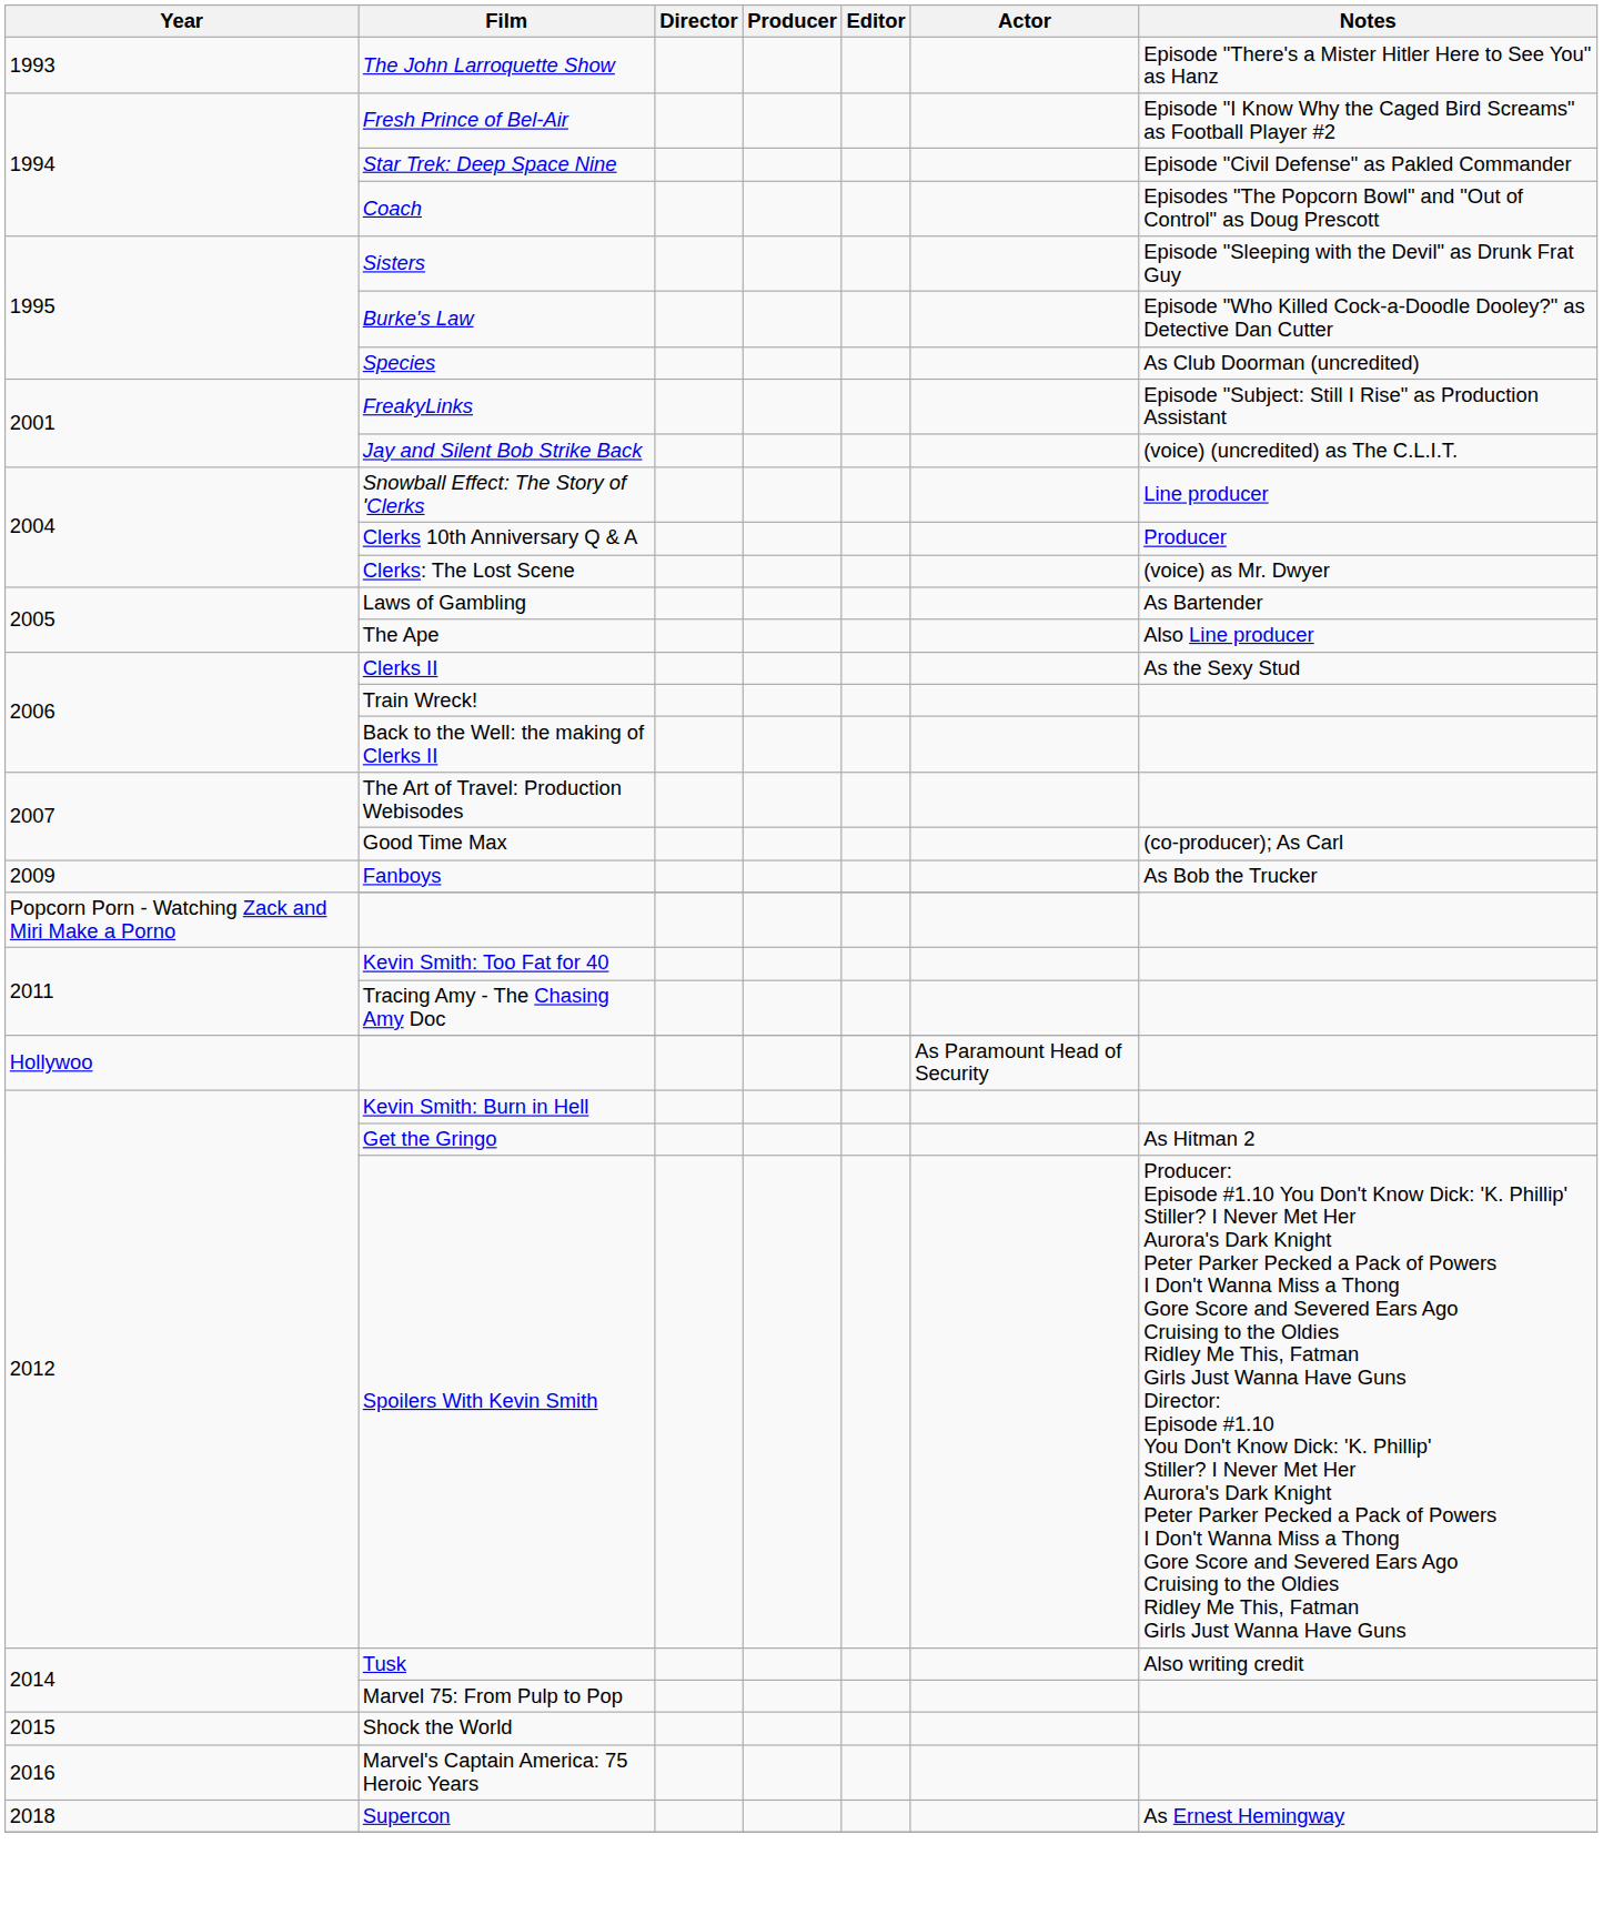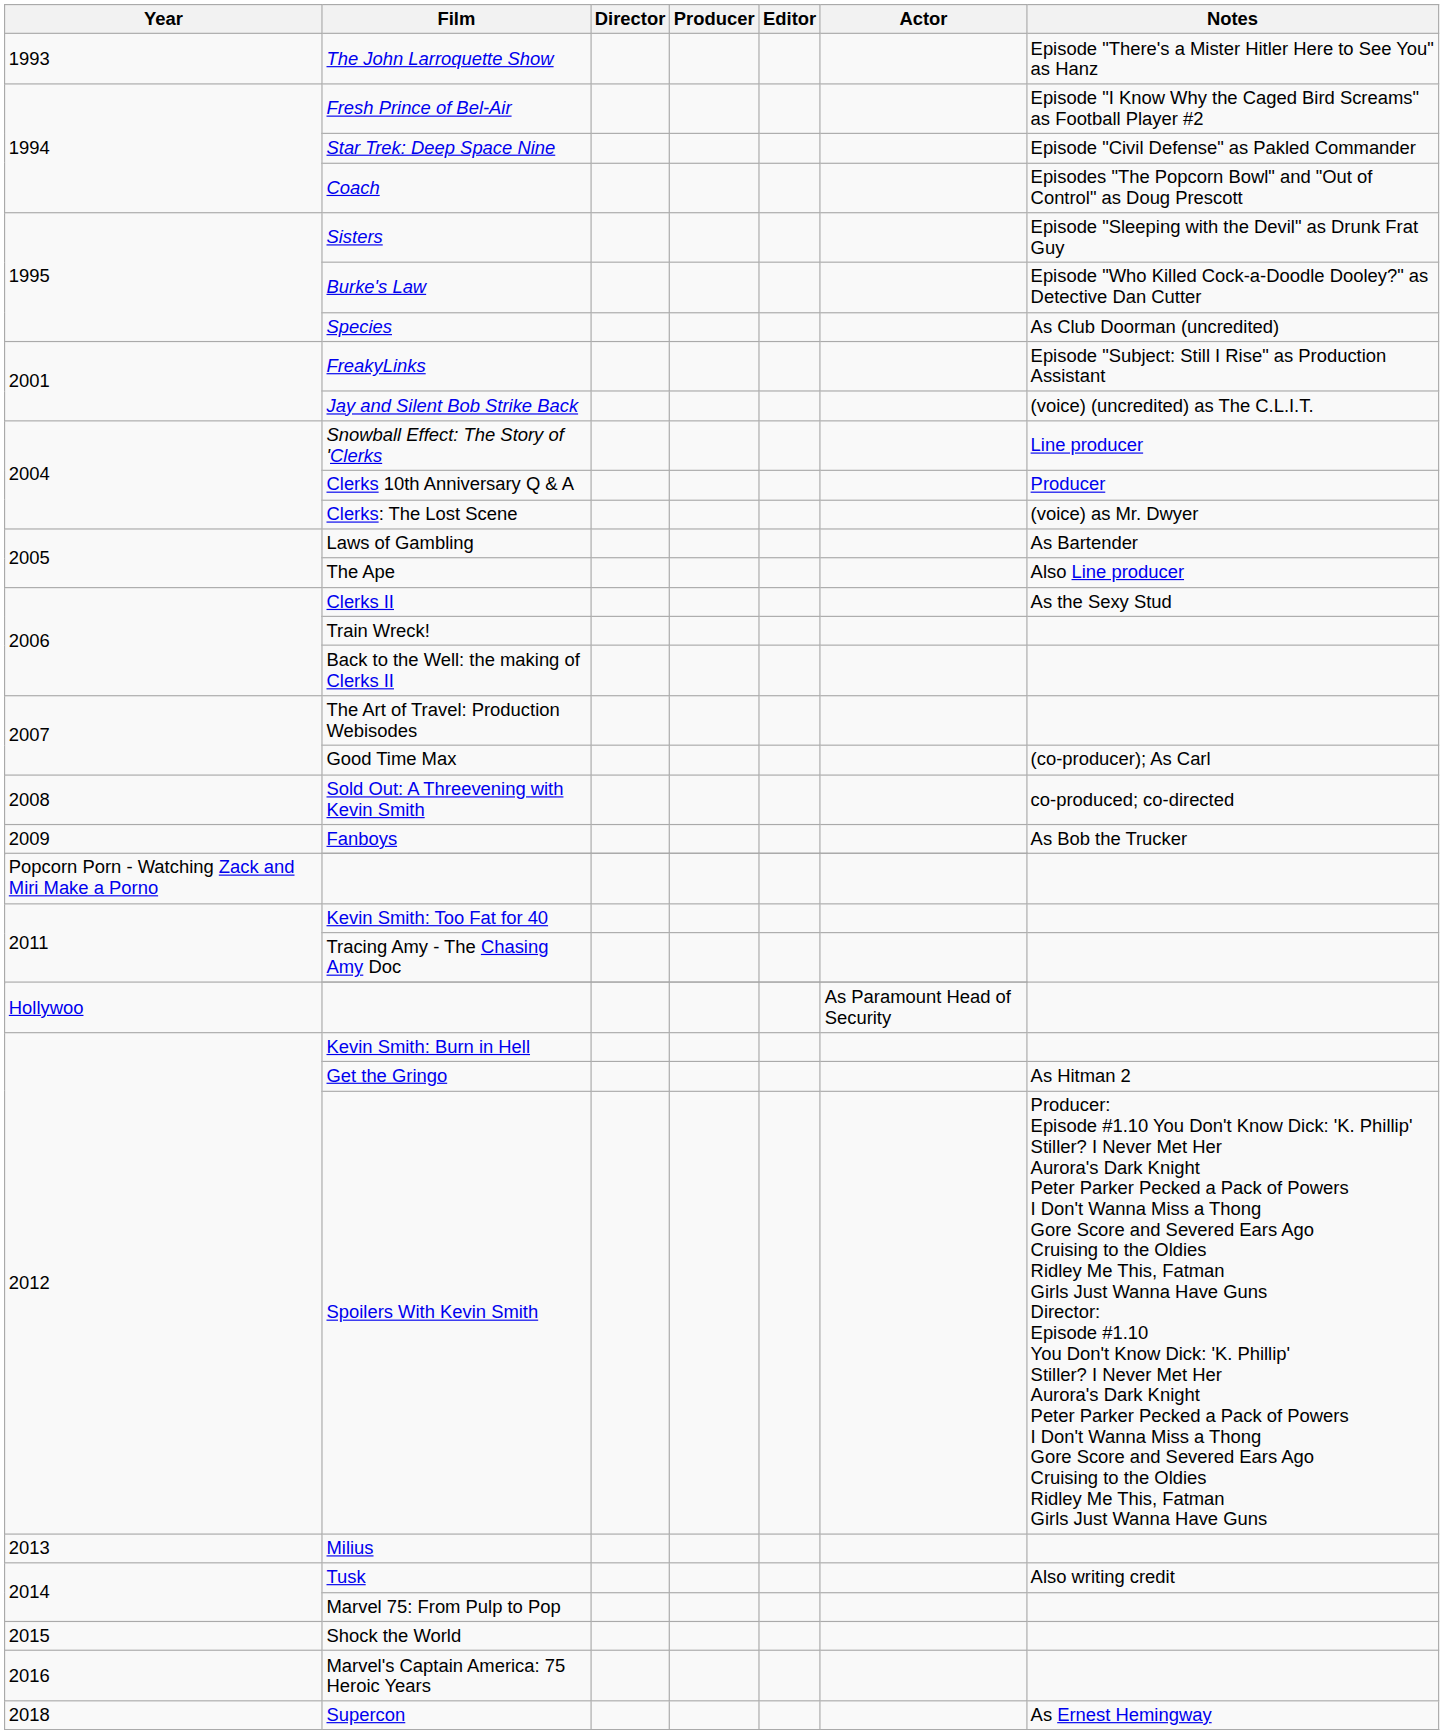 <table class="wikitable">
 <tr>
 <th>Year</th>
 <th>Film</th>
 <th>Director</th>
 <th>Producer</th>
 <th>Editor</th>
 <th>Actor</th>
 <th>Notes</th>
 </tr>
 <tr>
 <td>1993</td>
 <td><em><a href='#'>The John Larroquette Show</a></em></td>
 <td></td>
 <td></td>
 <td></td>
 <td></td>
 <td>Episode "There's a Mister Hitler Here to See You" as Hanz</td>
 </tr>
 <tr>
 <td rowspan=3>1994</td>
 <td><em><a href='#'>Fresh Prince of Bel-Air</a></em></td>
 <td></td>
 <td></td>
 <td></td>
 <td></td>
 <td>Episode "I Know Why the Caged Bird Screams" as Football Player #2</td>
 </tr>
 <tr>
 <td><em><a href='#'>Star Trek: Deep Space Nine</a></em></td>
 <td></td>
 <td></td>
 <td></td>
 <td></td>
 <td>Episode "Civil Defense" as Pakled Commander</td>
 </tr>
 <tr>
 <td><em><a href='#'>Coach</a></em></td>
 <td></td>
 <td></td>
 <td></td>
 <td></td>
 <td>Episodes "The Popcorn Bowl" and "Out of Control" as Doug Prescott</td>
 </tr>
 <tr>
 <td rowspan=3>1995</td>
 <td><em><a href='#'>Sisters</a></em></td>
 <td></td>
 <td></td>
 <td></td>
 <td></td>
 <td>Episode "Sleeping with the Devil" as Drunk Frat Guy</td>
 </tr>
 <tr>
 <td><em><a href='#'>Burke's Law</a></em></td>
 <td></td>
 <td></td>
 <td></td>
 <td></td>
 <td>Episode "Who Killed Cock-a-Doodle Dooley?" as Detective Dan Cutter</td>
 </tr>
 <tr>
 <td><em><a href='#'>Species</a></em></td>
 <td></td>
 <td></td>
 <td></td>
 <td></td>
 <td>As Club Doorman (uncredited)</td>
 </tr>
 <tr>
 <td rowspan=2>2001</td>
 <td><em><a href='#'>FreakyLinks</a></em></td>
 <td></td>
 <td></td>
 <td></td>
 <td></td>
 <td>Episode "Subject: Still I Rise" as Production Assistant</td>
 </tr>
 <tr>
 <td><em><a href='#'>Jay and Silent Bob Strike Back</a></em></td>
 <td></td>
 <td></td>
 <td></td>
 <td></td>
 <td>(voice) (uncredited) as The C.L.I.T.</td>
 </tr>
 <tr>
 <td rowspan=3>2004</td>
 <td><em>Snowball Effect: The Story of '<a href='#'>Clerks</a><strong></td>
 <td></td>
 <td></td>
 <td></td>
 <td></td>
 <td><a href='#'>Line producer</a></td>
 </tr>
 <tr>
 <td></em><a href='#'>Clerks</a> 10th Anniversary Q & A<em></td>
 <td></td>
 <td></td>
 <td></td>
 <td></td>
 <td><a href='#'>Producer</a></td>
 </tr>
 <tr>
 <td></em><a href='#'>Clerks</a>: The Lost Scene<em></td>
 <td></td>
 <td></td>
 <td></td>
 <td></td>
 <td>(voice) as Mr. Dwyer</td>
 </tr>
 <tr>
 <td rowspan=2>2005</td>
 <td></em>Laws of Gambling<em></td>
 <td></td>
 <td></td>
 <td></td>
 <td></td>
 <td>As Bartender</td>
 </tr>
 <tr>
 <td></em>The Ape<em></td>
 <td></td>
 <td></td>
 <td></td>
 <td></td>
 <td>Also <a href='#'>Line producer</a></td>
 </tr>
 <tr>
 <td rowspan=3>2006</td>
 <td></em><a href='#'>Clerks II</a><em></td>
 <td></td>
 <td></td>
 <td></td>
 <td></td>
 <td>As the Sexy Stud</td>
 </tr>
 <tr>
 <td></em>Train Wreck!<em></td>
 <td></td>
 <td></td>
 <td></td>
 <td></td>
 <td></td>
 </tr>
 <tr>
 <td></em>Back to the Well: the making of <a href='#'>Clerks II</a><em></td>
 <td></td>
 <td></td>
 <td></td>
 <td></td>
 <td></td>
 </tr>
 <tr>
 <td rowspan=2>2007</td>
 <td></em>The Art of Travel: Production Webisodes<em></td>
 <td></td>
 <td></td>
 <td></td>
 <td></td>
 <td></td>
 </tr>
 <tr>
 <td></em>Good Time Max<em></td>
 <td></td>
 <td></td>
 <td></td>
 <td></td>
 <td>(co-producer); As Carl</td>
 </tr>
 <tr>
+<td>2008</td>
+<td></em><a href='#'>Sold Out: A Threevening with Kevin Smith</a><em></td>
+<td></td>
+<td></td>
+<td></td>
+<td></td>
+<td>co-produced; co-directed</td>
+</tr>
+<tr>
 <td rowspan=2>2009</td>
 <td></em><a href='#'>Fanboys</a><em></td>
 <td></td>
 <td></td>
 <td></td>
 <td></td>
 <td>As Bob the Trucker</td>
 </tr>
 <tr>
 </tr>
 <tr>
 <td></em>Popcorn Porn - Watching <a href='#'>Zack and Miri Make a Porno</a><em></td>
 <td></td>
 <td></td>
 <td></td>
 <td></td>
 <td></td>
 </tr>
 <tr>
 <td rowspan=3>2011</td>
 <td></em><a href='#'>Kevin Smith: Too Fat for 40</a><em></td>
 <td></td>
 <td></td>
 <td></td>
 <td></td>
 <td></td>
 </tr>
 <tr>
 <td></em>Tracing Amy - The <a href='#'>Chasing Amy</a> Doc<em></td>
 <td></td>
 <td></td>
 <td></td>
 <td></td>
 <td></td>
 </tr>
 <tr>
 </tr>
 <tr>
 <td></em><a href='#'>Hollywoo</a><em></td>
 <td></td>
 <td></td>
 <td></td>
 <td></td>
 <td>As Paramount Head of Security</td>
 </tr>
 <tr>
 <td rowspan=3>2012</td>
 <td></em><a href='#'>Kevin Smith: Burn in Hell</a><em></td>
 <td></td>
 <td></td>
 <td></td>
 <td></td>
 <td></td>
 </tr>
 <tr>
 <td></em><a href='#'>Get the Gringo</a><em></td>
 <td></td>
 <td></td>
 <td></td>
 <td></td>
 <td>As Hitman 2</td>
 </tr>
 <tr>
 <td></em><a href='#'>Spoilers With Kevin Smith</a><em></td>
 <td></td>
 <td></td>
 <td></td>
 <td></td>
 <td>Producer:<br>Episode #1.10 You Don't Know Dick: 'K. Phillip' <br> Stiller? I Never Met Her <br> Aurora's Dark Knight<br>  Peter Parker Pecked a Pack of Powers <br> I Don't Wanna Miss a Thong<br> Gore Score and Severed Ears Ago <br> Cruising to the Oldies<br>  Ridley Me This, Fatman <br> Girls Just Wanna Have Guns<br>Director:<br>Episode #1.10<br> You Don't Know Dick: 'K. Phillip' <br> Stiller? I Never Met Her <br> Aurora's Dark Knight<br>  Peter Parker Pecked a Pack of Powers <br> I Don't Wanna Miss a Thong<br> Gore Score and Severed Ears Ago <br> Cruising to the Oldies<br>  Ridley Me This, Fatman <br> Girls Just Wanna Have Guns</td>
 </tr>
 <tr>
+<td rowspan=1>2013</td>
+<td></em><a href='#'>Milius</a><em></td>
+<td></td>
+<td></td>
+<td></td>
+<td></td>
+<td></td>
+</tr>
+<tr>
 <td rowspan=2>2014</td>
 <td></em><a href='#'>Tusk</a><em></td>
 <td></td>
 <td></td>
 <td></td>
 <td></td>
 <td>Also writing credit</td>
 </tr>
 <tr>
 <td></em>Marvel 75: From Pulp to Pop<em></td>
 <td></td>
 <td></td>
 <td></td>
 <td></td>
 <td></td>
 </tr>
 <tr>
 <td rowspan=1>2015</td>
 <td></em>Shock the World<em></td>
 <td></td>
 <td></td>
 <td></td>
 <td></td>
 <td></td>
 </tr>
 <tr>
 <td>2016</td>
 <td></em>Marvel's Captain America: 75 Heroic Years<em></td>
 <td></td>
 <td></td>
 <td></td>
 <td></td>
 <td></td>
 </tr>
 <tr>
 <td>2018</td>
 <td></em><a href='#'>Supercon</a><em></td>
 <td></td>
 <td></td>
 <td></td>
 <td></td>
 <td>As <a href='#'>Ernest Hemingway</a></td>
 </tr>
 <tr>
 </tr>
 </table>
